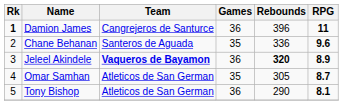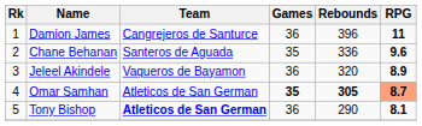 <table class="wikitable" style="text-align: center;">
 <tr>
 <th>Rk</th>
 <th>Name</th>
 <th>Team</th>
 <th>Games</th>
 <th>Rebounds</th>
 <th width=40>RPG</th>
 </tr>
 <tr>
-<td><strong>1</strong></td>
+<td>1</td>
 <td align="left"> <a href='#'>Damion James</a></td>
 <td align="left"><a href='#'>Cangrejeros de Santurce</a></td>
 <td>36</td>
 <td>396</td>
 <td><strong>11</strong></td>
 </tr>
 <tr>
 <td>2</td>
 <td align="left"> <a href='#'>Chane Behanan</a></td>
 <td align="left"><a href='#'>Santeros de Aguada</a></td>
 <td>35</td>
 <td>336</td>
 <td><strong>9.6</strong></td>
 </tr>
 <tr>
 <td>3</td>
 <td align="left"> <a href='#'>Jeleel Akindele</a></td>
-<td align="left"><strong><a href='#'>Vaqueros de Bayamon</a></strong></td>
+<td align="left"><a href='#'>Vaqueros de Bayamon</a></td>
 <td>36</td>
-<td><strong>320</strong></td>
+<td>320</td>
 <td><strong>8.9</strong></td>
 </tr>
 <tr>
 <td>4</td>
 <td align="left"> <a href='#'>Omar Samhan</a></td>
 <td align="left"><a href='#'>Atleticos de San German</a></td>
-<td>35</td>
-<td>305</td>
-<td><strong>8.7</strong></td>
+<td><strong>35</strong></td>
+<td><strong>305</strong></td>
+<td style="background: lightsalmon;"><strong>8.7</strong></td>
 </tr>
 <tr>
 <td>5</td>
 <td align="left"> <a href='#'>Tony Bishop</a></td>
-<td align="left"><a href='#'>Atleticos de San German</a></td>
+<td align="left"><strong><a href='#'>Atleticos de San German</a></strong></td>
 <td>36</td>
 <td>290</td>
 <td><strong>8.1</strong></td>
 </tr>
 <tr>
 </tr>
 </table>
